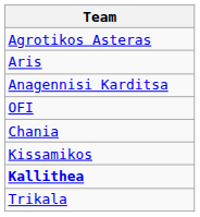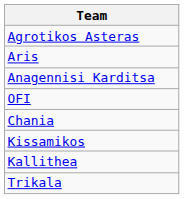 <table class="wikitable">
 <tr>
 </tr>
 <tr>
 <th width=170>Team</th>
 </tr>
 <tr>
 <td><a href='#'>Agrotikos Asteras</a></td>
 </tr>
 <tr>
 <td><a href='#'>Aris</a></td>
 </tr>
 <tr>
 <td><a href='#'>Anagennisi Karditsa</a></td>
 </tr>
 <tr>
 <td><a href='#'>OFI</a></td>
 </tr>
 <tr>
 <td><a href='#'>Chania</a></td>
 </tr>
 <tr>
 <td><a href='#'>Kissamikos</a></td>
 </tr>
 <tr>
-<td><strong><a href='#'>Kallithea</a></strong></td>
+<td><a href='#'>Kallithea</a></td>
 </tr>
 <tr>
 <td><a href='#'>Trikala</a></td>
 </tr>
 </table>
